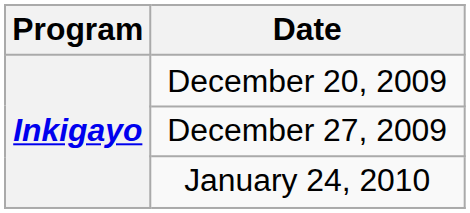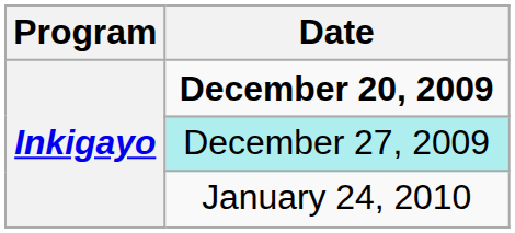 <table class="wikitable plainrowheaders" style="text-align:center">
 <tr>
 <th>Program</th>
 <th width="150">Date</th>
 </tr>
 <tr>
 <th scope="row" rowspan="3"><em><a href='#'>Inkigayo</a></em></th>
-<td>December 20, 2009</td>
+<td><strong>December 20, 2009</strong></td>
 </tr>
 <tr>
-<td>December 27, 2009</td>
+<td style="background: paleturquoise;">December 27, 2009</td>
 </tr>
 <tr>
 <td>January 24, 2010</td>
 </tr>
 </table>
